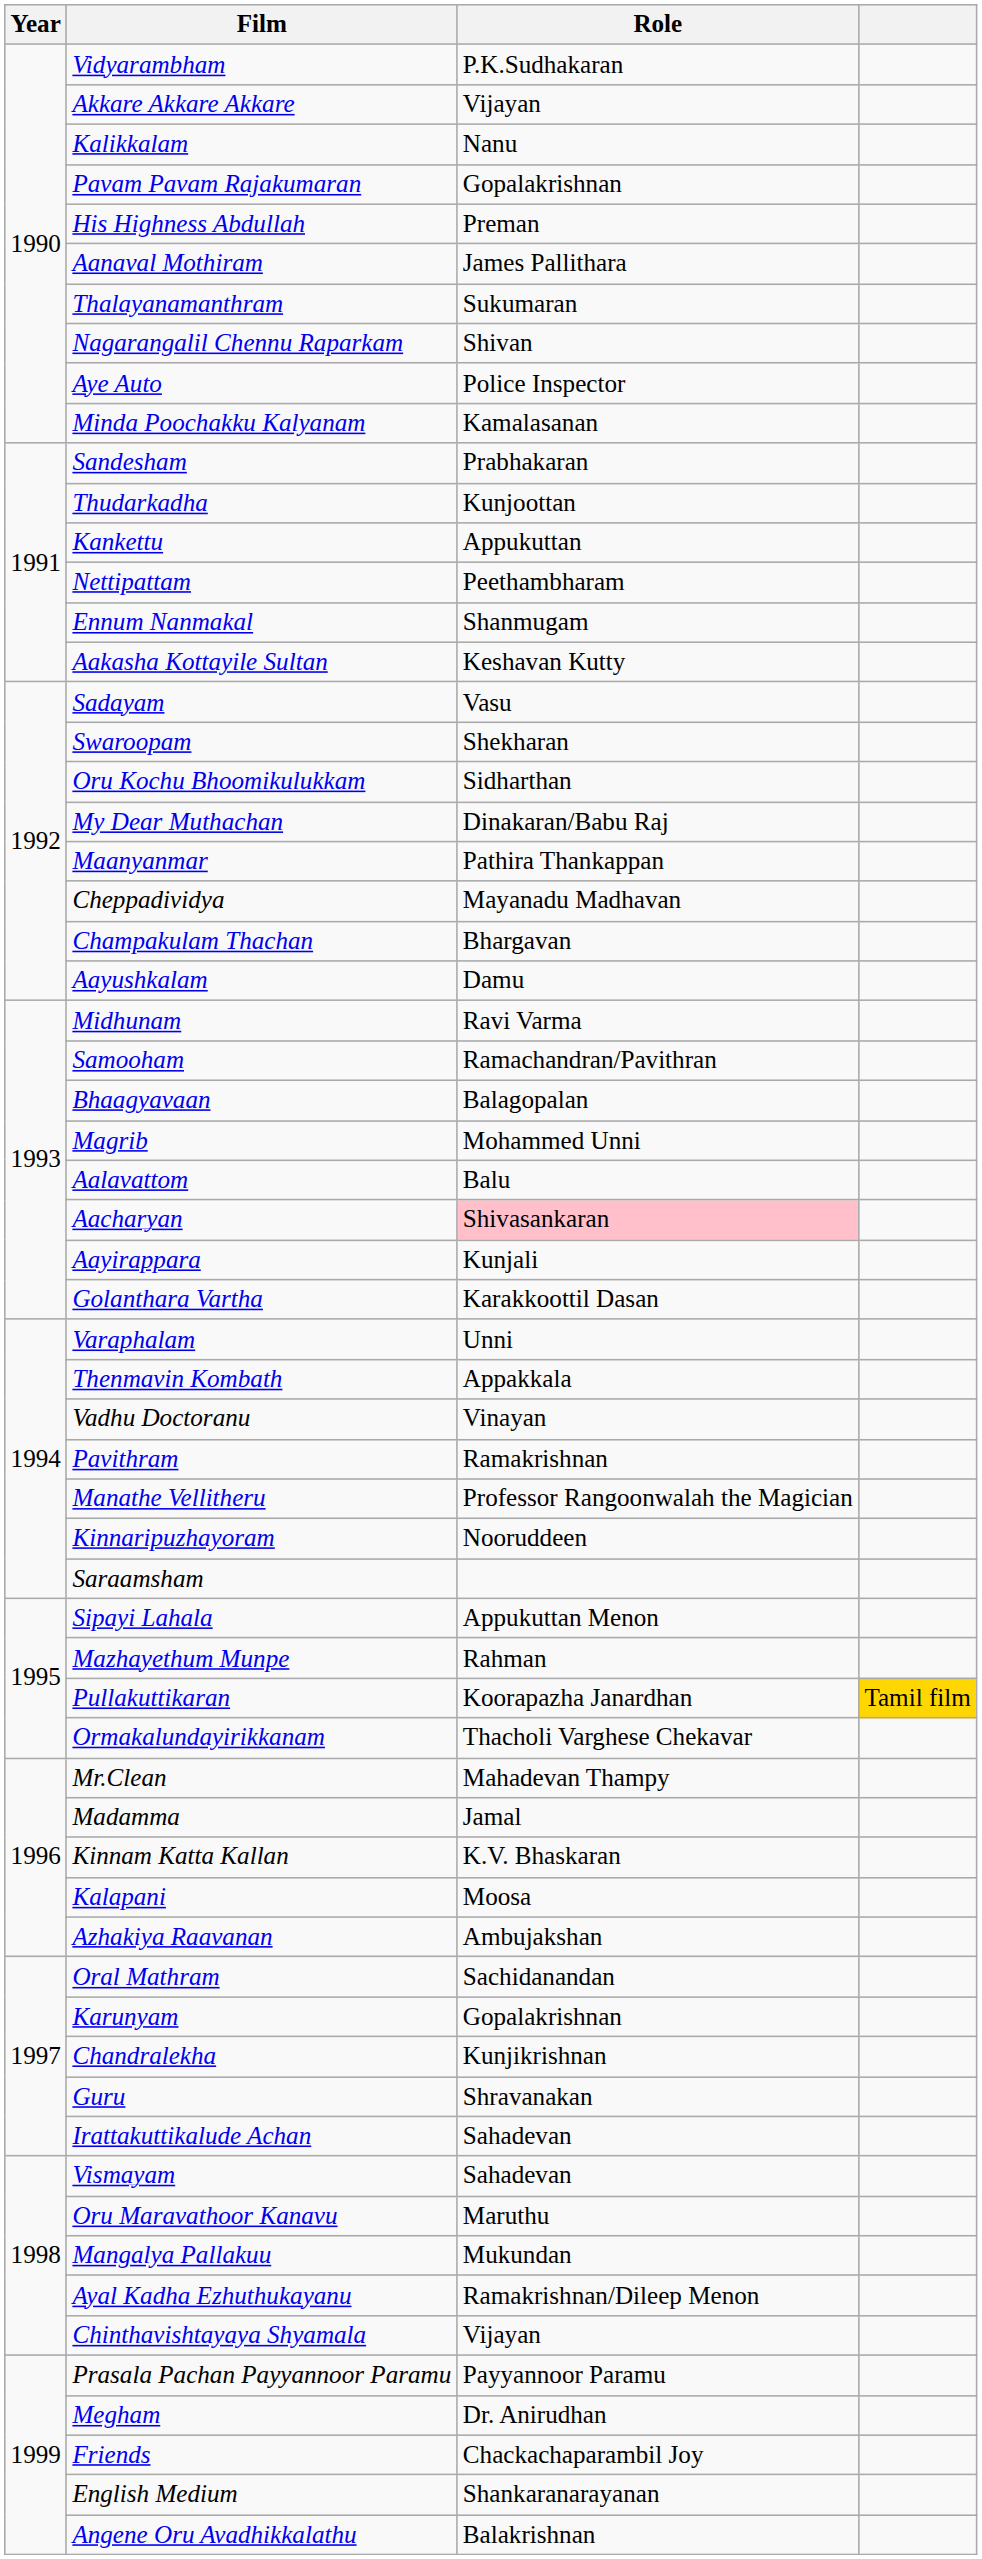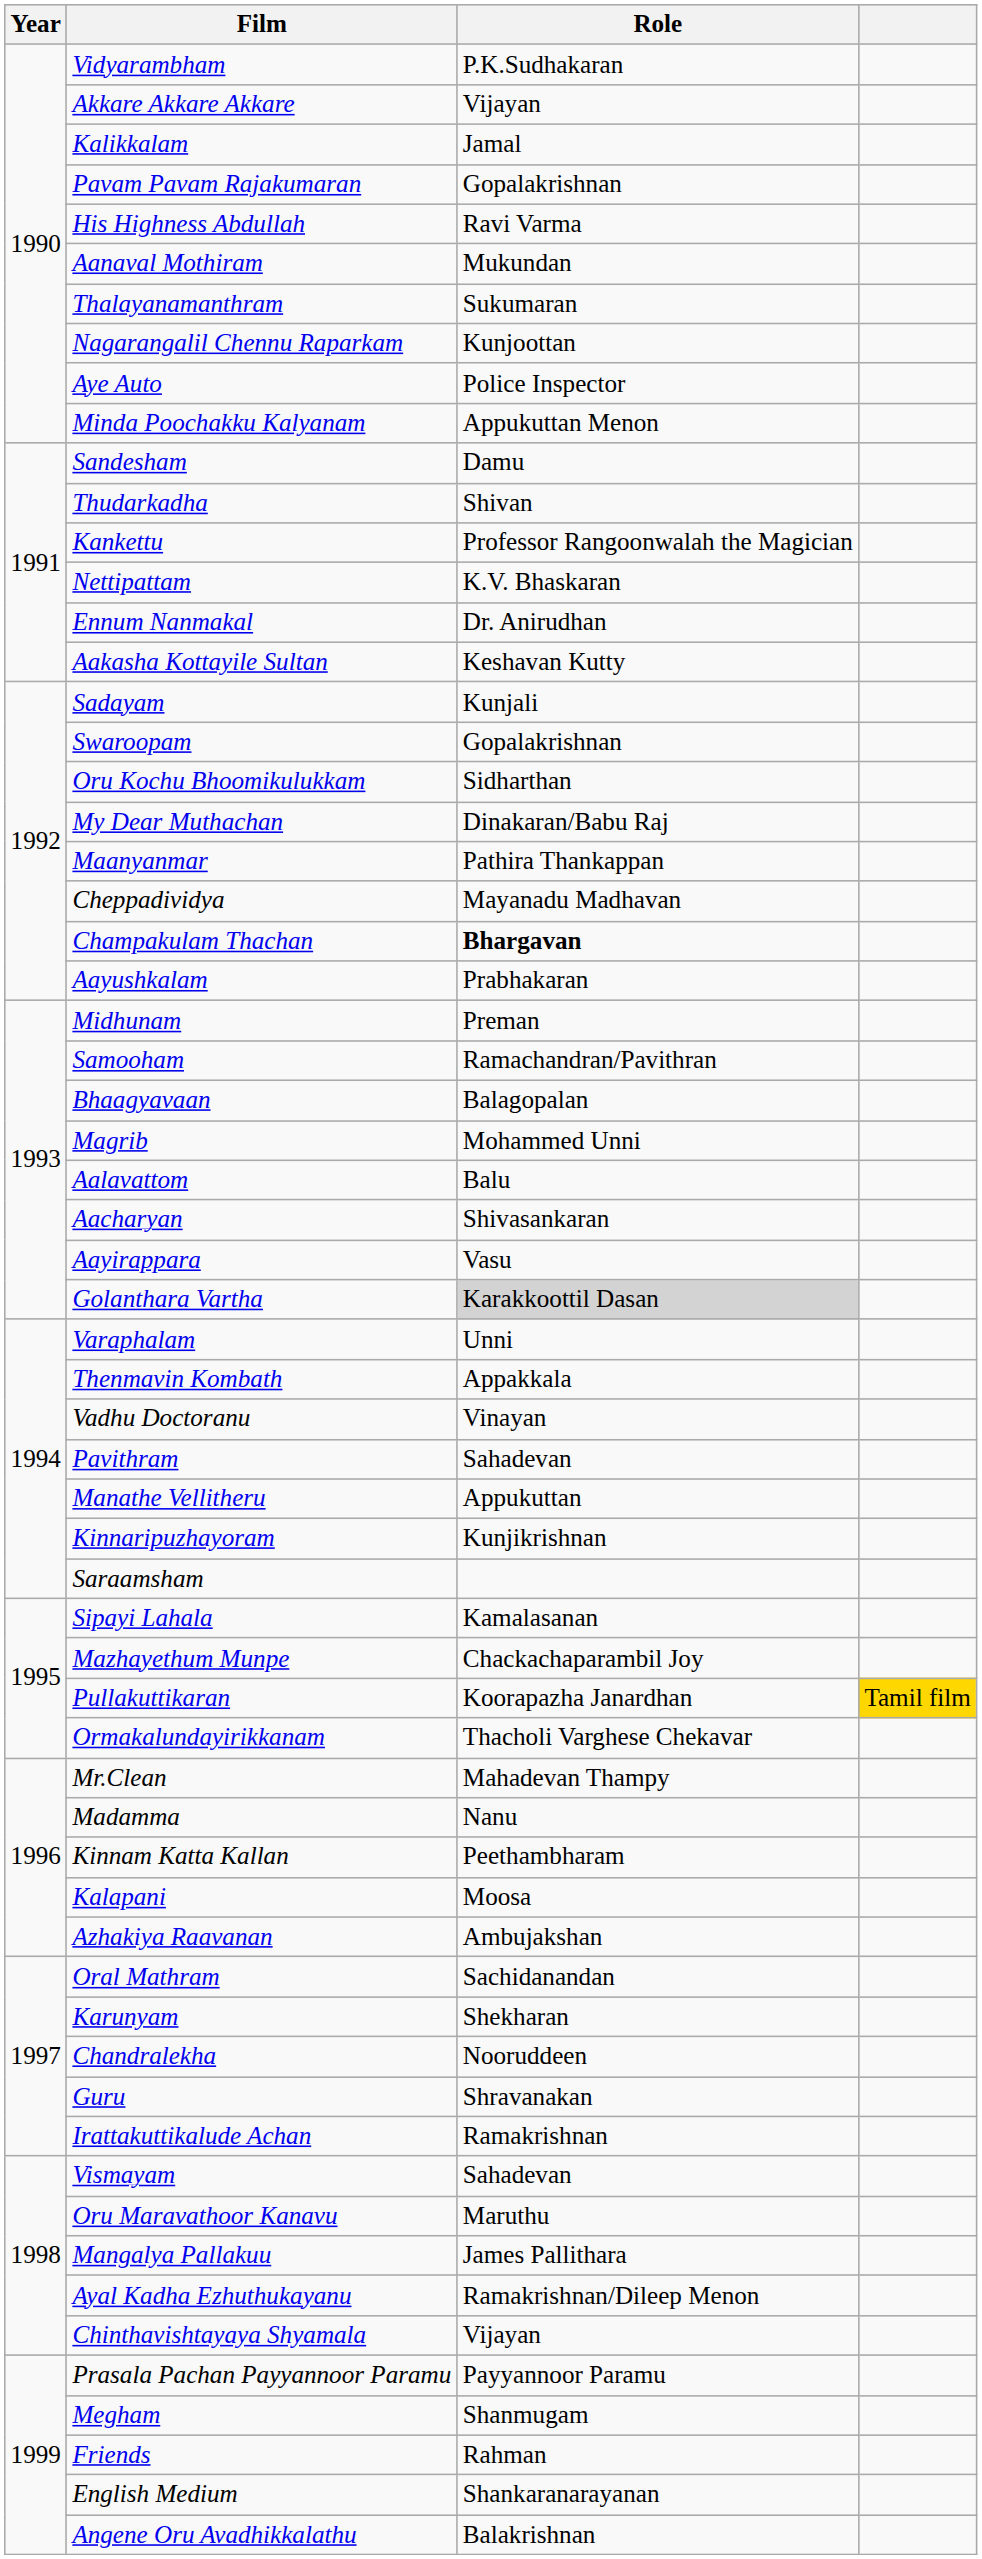 <table class="wikitable sortable">
 <tr>
 <th>Year</th>
 <th>Film</th>
 <th>Role</th>
 <th></th>
 </tr>
 <tr>
 <td rowspan=10>1990</td>
 <td><em><a href='#'>Vidyarambham</a></em></td>
 <td>P.K.Sudhakaran</td>
 <td></td>
 </tr>
 <tr>
 <td><em><a href='#'>Akkare Akkare Akkare</a></em></td>
 <td>Vijayan</td>
 <td></td>
 </tr>
 <tr>
 <td><em><a href='#'>Kalikkalam</a></em></td>
-<td>Nanu</td>
+<td>Jamal</td>
 <td></td>
 </tr>
 <tr>
 <td><em><a href='#'>Pavam Pavam Rajakumaran</a></em></td>
 <td>Gopalakrishnan</td>
 <td></td>
 </tr>
 <tr>
 <td><em><a href='#'>His Highness Abdullah</a></em></td>
-<td>Preman</td>
+<td>Ravi Varma</td>
 <td></td>
 </tr>
 <tr>
 <td><em><a href='#'>Aanaval Mothiram</a></em></td>
-<td>James Pallithara</td>
+<td>Mukundan</td>
 <td></td>
 </tr>
 <tr>
 <td><em><a href='#'>Thalayanamanthram</a></em></td>
 <td>Sukumaran</td>
 <td></td>
 </tr>
 <tr>
 <td><em><a href='#'>Nagarangalil Chennu Raparkam</a></em></td>
-<td>Shivan</td>
+<td>Kunjoottan</td>
 <td></td>
 </tr>
 <tr>
 <td><em><a href='#'>Aye Auto</a></em></td>
 <td>Police Inspector</td>
 <td></td>
 </tr>
 <tr>
 <td><em><a href='#'>Minda Poochakku Kalyanam</a></em></td>
-<td>Kamalasanan</td>
+<td>Appukuttan Menon</td>
 <td></td>
 </tr>
 <tr>
 <td rowspan=6>1991</td>
 <td><em><a href='#'>Sandesham</a></em></td>
-<td>Prabhakaran</td>
+<td>Damu</td>
 <td></td>
 </tr>
 <tr>
 <td><em><a href='#'>Thudarkadha</a></em></td>
-<td>Kunjoottan</td>
+<td>Shivan</td>
 <td></td>
 </tr>
 <tr>
 <td><em><a href='#'>Kankettu</a></em></td>
-<td>Appukuttan</td>
+<td>Professor Rangoonwalah the Magician</td>
 <td></td>
 </tr>
 <tr>
 <td><em><a href='#'>Nettipattam</a></em></td>
-<td>Peethambharam</td>
+<td>K.V. Bhaskaran</td>
 <td></td>
 </tr>
 <tr>
 <td><em><a href='#'>Ennum Nanmakal</a></em></td>
-<td>Shanmugam</td>
+<td>Dr. Anirudhan</td>
 <td></td>
 </tr>
 <tr>
 <td><em><a href='#'>Aakasha Kottayile Sultan</a></em></td>
 <td>Keshavan Kutty</td>
 <td></td>
 </tr>
 <tr>
 <td rowspan=8>1992</td>
 <td><em><a href='#'>Sadayam</a></em></td>
-<td>Vasu</td>
+<td>Kunjali</td>
 <td></td>
 </tr>
 <tr>
 <td><em><a href='#'>Swaroopam</a></em></td>
-<td>Shekharan</td>
+<td>Gopalakrishnan</td>
 <td></td>
 </tr>
 <tr>
 <td><em><a href='#'>Oru Kochu Bhoomikulukkam</a></em></td>
 <td>Sidharthan</td>
 <td></td>
 </tr>
 <tr>
 <td><em><a href='#'>My Dear Muthachan</a></em></td>
 <td>Dinakaran/Babu Raj</td>
 <td></td>
 </tr>
 <tr>
 <td><em><a href='#'>Maanyanmar</a></em></td>
 <td>Pathira Thankappan</td>
 <td></td>
 </tr>
 <tr>
 <td><em>Cheppadividya</em></td>
 <td>Mayanadu Madhavan</td>
 <td></td>
 </tr>
 <tr>
 <td><em><a href='#'>Champakulam Thachan</a></em></td>
-<td>Bhargavan</td>
+<td><strong>Bhargavan</strong></td>
 <td></td>
 </tr>
 <tr>
 <td><em><a href='#'>Aayushkalam</a></em></td>
-<td>Damu</td>
+<td>Prabhakaran</td>
 <td></td>
 </tr>
 <tr>
 <td rowspan=8>1993</td>
 <td><em><a href='#'>Midhunam</a></em></td>
-<td>Ravi Varma</td>
+<td>Preman</td>
 <td></td>
 </tr>
 <tr>
 <td><em><a href='#'>Samooham</a></em></td>
 <td>Ramachandran/Pavithran</td>
 <td></td>
 </tr>
 <tr>
 <td><em><a href='#'>Bhaagyavaan</a></em></td>
 <td>Balagopalan</td>
 <td></td>
 </tr>
 <tr>
 <td><em><a href='#'>Magrib</a></em></td>
 <td>Mohammed Unni</td>
 <td></td>
 </tr>
 <tr>
 <td><em><a href='#'>Aalavattom</a></em></td>
 <td>Balu</td>
 <td></td>
 </tr>
 <tr>
 <td><em><a href='#'>Aacharyan</a></em></td>
-<td style="background: pink;">Shivasankaran</td>
+<td>Shivasankaran</td>
 <td></td>
 </tr>
 <tr>
 <td><em><a href='#'>Aayirappara</a></em></td>
-<td>Kunjali</td>
+<td>Vasu</td>
 <td></td>
 </tr>
 <tr>
 <td><em><a href='#'>Golanthara Vartha</a></em></td>
-<td>Karakkoottil Dasan</td>
+<td style="background: lightgrey;">Karakkoottil Dasan</td>
 <td></td>
 </tr>
 <tr>
 <td rowspan=7>1994</td>
 <td><em><a href='#'>Varaphalam</a></em></td>
 <td>Unni</td>
 <td></td>
 </tr>
 <tr>
 <td><em><a href='#'>Thenmavin Kombath</a></em></td>
 <td>Appakkala</td>
 <td></td>
 </tr>
 <tr>
 <td><em>Vadhu Doctoranu</em></td>
 <td>Vinayan</td>
 <td></td>
 </tr>
 <tr>
 <td><em><a href='#'>Pavithram</a></em></td>
-<td>Ramakrishnan</td>
+<td>Sahadevan</td>
 <td></td>
 </tr>
 <tr>
 <td><em><a href='#'>Manathe Vellitheru</a></em></td>
-<td>Professor Rangoonwalah the Magician</td>
+<td>Appukuttan</td>
 <td></td>
 </tr>
 <tr>
 <td><em><a href='#'>Kinnaripuzhayoram</a></em></td>
-<td>Nooruddeen</td>
+<td>Kunjikrishnan</td>
 <td></td>
 </tr>
 <tr>
 <td><em>Saraamsham</em></td>
 <td></td>
 <td></td>
 </tr>
 <tr>
 <td rowspan=4>1995</td>
 <td><em><a href='#'>Sipayi Lahala</a></em></td>
-<td>Appukuttan Menon</td>
+<td>Kamalasanan</td>
 <td></td>
 </tr>
 <tr>
 <td><em><a href='#'>Mazhayethum Munpe</a></em></td>
-<td>Rahman</td>
+<td>Chackachaparambil Joy</td>
 <td></td>
 </tr>
 <tr>
 <td><em><a href='#'>Pullakuttikaran</a></em></td>
 <td>Koorapazha Janardhan</td>
 <td style="background: gold;">Tamil film</td>
 </tr>
 <tr>
 <td><em><a href='#'>Ormakalundayirikkanam</a></em></td>
 <td>Thacholi Varghese Chekavar</td>
 <td></td>
 </tr>
 <tr>
 <td rowspan=5>1996</td>
 <td><em>Mr.Clean</em></td>
 <td>Mahadevan Thampy</td>
 <td></td>
 </tr>
 <tr>
 <td><em>Madamma</em></td>
-<td>Jamal</td>
+<td>Nanu</td>
 <td></td>
 </tr>
 <tr>
 <td><em>Kinnam Katta Kallan</em></td>
-<td>K.V. Bhaskaran</td>
+<td>Peethambharam</td>
 <td></td>
 </tr>
 <tr>
 <td><em><a href='#'>Kalapani</a></em></td>
 <td>Moosa</td>
 <td></td>
 </tr>
 <tr>
 <td><em><a href='#'>Azhakiya Raavanan</a></em></td>
 <td>Ambujakshan</td>
 <td></td>
 </tr>
 <tr>
 <td rowspan=5>1997</td>
 <td><em><a href='#'>Oral Mathram</a></em></td>
 <td>Sachidanandan</td>
 <td></td>
 </tr>
 <tr>
 <td><em><a href='#'>Karunyam</a></em></td>
-<td>Gopalakrishnan</td>
+<td>Shekharan</td>
 <td></td>
 </tr>
 <tr>
 <td><em><a href='#'>Chandralekha</a></em></td>
-<td>Kunjikrishnan</td>
+<td>Nooruddeen</td>
 <td></td>
 </tr>
 <tr>
 <td><em><a href='#'>Guru</a></em></td>
 <td>Shravanakan</td>
 <td></td>
 </tr>
 <tr>
 <td><em><a href='#'>Irattakuttikalude Achan</a></em></td>
-<td>Sahadevan</td>
+<td>Ramakrishnan</td>
 <td></td>
 </tr>
 <tr>
 <td rowspan=5>1998</td>
 <td><em><a href='#'>Vismayam</a></em></td>
 <td>Sahadevan</td>
 <td></td>
 </tr>
 <tr>
 <td><em><a href='#'>Oru Maravathoor Kanavu</a></em></td>
 <td>Maruthu</td>
 <td></td>
 </tr>
 <tr>
 <td><em><a href='#'>Mangalya Pallakuu</a></em></td>
-<td>Mukundan</td>
+<td>James Pallithara</td>
 <td></td>
 </tr>
 <tr>
 <td><em><a href='#'>Ayal Kadha Ezhuthukayanu</a></em></td>
 <td>Ramakrishnan/Dileep Menon</td>
 <td></td>
 </tr>
 <tr>
 <td><em><a href='#'>Chinthavishtayaya Shyamala</a></em></td>
 <td>Vijayan</td>
 <td></td>
 </tr>
 <tr>
 <td rowspan=5>1999</td>
 <td><em>Prasala Pachan Payyannoor Paramu</em></td>
 <td>Payyannoor Paramu</td>
 <td></td>
 </tr>
 <tr>
 <td><em><a href='#'>Megham</a></em></td>
-<td>Dr. Anirudhan</td>
+<td>Shanmugam</td>
 <td></td>
 </tr>
 <tr>
 <td><em><a href='#'>Friends</a></em></td>
-<td>Chackachaparambil Joy</td>
+<td>Rahman</td>
 <td></td>
 </tr>
 <tr>
 <td><em>English Medium</em></td>
 <td>Shankaranarayanan</td>
 <td></td>
 </tr>
 <tr>
 <td><em><a href='#'>Angene Oru Avadhikkalathu</a></em></td>
 <td>Balakrishnan</td>
 <td></td>
 </tr>
 </table>
